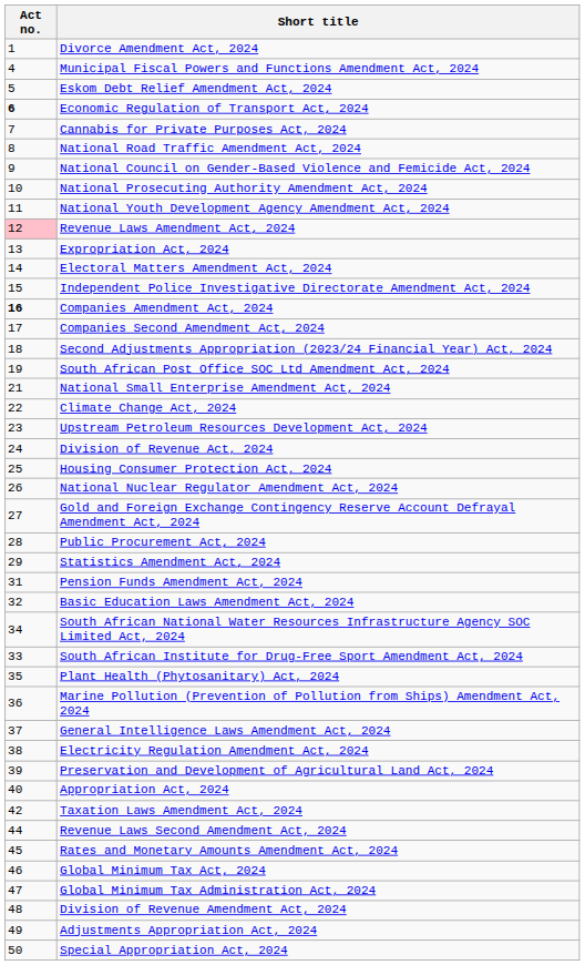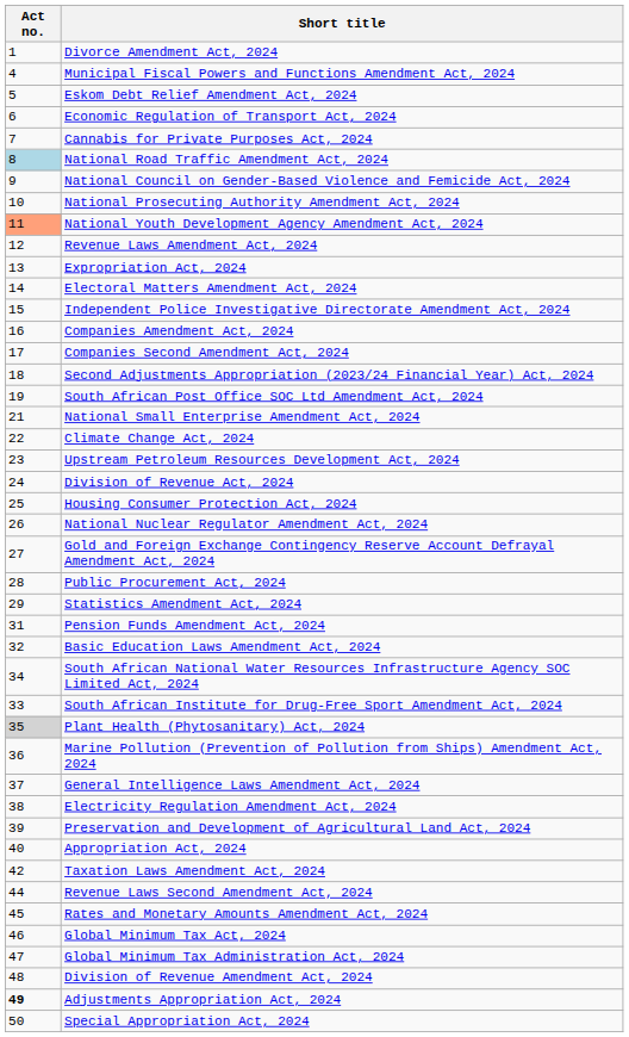 <table class="wikitable sortable">
 <tr>
 <th>Act no.</th>
 <th>Short title</th>
 </tr>
 <tr>
 <td>1</td>
 <td><a href='#'>Divorce Amendment Act, 2024</a></td>
 </tr>
 <tr>
 <td>4</td>
 <td><a href='#'>Municipal Fiscal Powers and Functions Amendment Act, 2024</a></td>
 </tr>
 <tr>
 <td>5</td>
 <td><a href='#'>Eskom Debt Relief Amendment Act, 2024</a></td>
 </tr>
 <tr>
-<td><strong>6</strong></td>
+<td>6</td>
 <td><a href='#'>Economic Regulation of Transport Act, 2024</a></td>
 </tr>
 <tr>
 <td>7</td>
 <td><a href='#'>Cannabis for Private Purposes Act, 2024</a></td>
 </tr>
 <tr>
-<td>8</td>
+<td style="background: lightblue;">8</td>
 <td><a href='#'>National Road Traffic Amendment Act, 2024</a></td>
 </tr>
 <tr>
 <td>9</td>
 <td><a href='#'>National Council on Gender-Based Violence and Femicide Act, 2024</a></td>
 </tr>
 <tr>
 <td>10</td>
 <td><a href='#'>National Prosecuting Authority Amendment Act, 2024</a></td>
 </tr>
 <tr>
-<td>11</td>
+<td style="background: lightsalmon;">11</td>
 <td><a href='#'>National Youth Development Agency Amendment Act, 2024</a></td>
 </tr>
 <tr>
-<td style="background: pink;">12</td>
+<td>12</td>
 <td><a href='#'>Revenue Laws Amendment Act, 2024</a></td>
 </tr>
 <tr>
 <td>13</td>
 <td><a href='#'>Expropriation Act, 2024</a></td>
 </tr>
 <tr>
 <td>14</td>
 <td><a href='#'>Electoral Matters Amendment Act, 2024</a></td>
 </tr>
 <tr>
 <td>15</td>
 <td><a href='#'>Independent Police Investigative Directorate Amendment Act, 2024</a></td>
 </tr>
 <tr>
-<td><strong>16</strong></td>
+<td>16</td>
 <td><a href='#'>Companies Amendment Act, 2024</a></td>
 </tr>
 <tr>
 <td>17</td>
 <td><a href='#'>Companies Second Amendment Act, 2024</a></td>
 </tr>
 <tr>
 <td>18</td>
 <td><a href='#'>Second Adjustments Appropriation (2023/24 Financial Year) Act, 2024</a></td>
 </tr>
 <tr>
 <td>19</td>
 <td><a href='#'>South African Post Office SOC Ltd Amendment Act, 2024</a></td>
 </tr>
 <tr>
 <td>21</td>
 <td><a href='#'>National Small Enterprise Amendment Act, 2024</a></td>
 </tr>
 <tr>
 <td>22</td>
 <td><a href='#'>Climate Change Act, 2024</a></td>
 </tr>
 <tr>
 <td>23</td>
 <td><a href='#'>Upstream Petroleum Resources Development Act, 2024</a></td>
 </tr>
 <tr>
 <td>24</td>
 <td><a href='#'>Division of Revenue Act, 2024</a></td>
 </tr>
 <tr>
 <td>25</td>
 <td><a href='#'>Housing Consumer Protection Act, 2024</a></td>
 </tr>
 <tr>
 <td>26</td>
 <td><a href='#'>National Nuclear Regulator Amendment Act, 2024</a></td>
 </tr>
 <tr>
 <td>27</td>
 <td><a href='#'>Gold and Foreign Exchange Contingency Reserve Account Defrayal Amendment Act, 2024</a></td>
 </tr>
 <tr>
 <td>28</td>
 <td><a href='#'>Public Procurement Act, 2024</a></td>
 </tr>
 <tr>
 <td>29</td>
 <td><a href='#'>Statistics Amendment Act, 2024</a></td>
 </tr>
 <tr>
 <td>31</td>
 <td><a href='#'>Pension Funds Amendment Act, 2024</a></td>
 </tr>
 <tr>
 <td>32</td>
 <td><a href='#'>Basic Education Laws Amendment Act, 2024</a></td>
 </tr>
 <tr>
 <td>34</td>
 <td><a href='#'>South African National Water Resources Infrastructure Agency SOC Limited Act, 2024</a></td>
 </tr>
 <tr>
 <td>33</td>
 <td><a href='#'>South African Institute for Drug-Free Sport Amendment Act, 2024</a></td>
 </tr>
 <tr>
-<td>35</td>
+<td style="background: lightgrey;">35</td>
 <td><a href='#'>Plant Health (Phytosanitary) Act, 2024</a></td>
 </tr>
 <tr>
 <td>36</td>
 <td><a href='#'>Marine Pollution (Prevention of Pollution from Ships) Amendment Act, 2024</a></td>
 </tr>
 <tr>
 <td>37</td>
 <td><a href='#'>General Intelligence Laws Amendment Act, 2024</a></td>
 </tr>
 <tr>
 <td>38</td>
 <td><a href='#'>Electricity Regulation Amendment Act, 2024</a></td>
 </tr>
 <tr>
 <td>39</td>
 <td><a href='#'>Preservation and Development of Agricultural Land Act, 2024</a></td>
 </tr>
 <tr>
 <td>40</td>
 <td><a href='#'>Appropriation Act, 2024</a></td>
 </tr>
 <tr>
 <td>42</td>
 <td><a href='#'>Taxation Laws Amendment Act, 2024</a></td>
 </tr>
 <tr>
 <td>44</td>
 <td><a href='#'>Revenue Laws Second Amendment Act, 2024</a></td>
 </tr>
 <tr>
 <td>45</td>
 <td><a href='#'>Rates and Monetary Amounts Amendment Act, 2024</a></td>
 </tr>
 <tr>
 <td>46</td>
 <td><a href='#'>Global Minimum Tax Act, 2024</a></td>
 </tr>
 <tr>
 <td>47</td>
 <td><a href='#'>Global Minimum Tax Administration Act, 2024</a></td>
 </tr>
 <tr>
 <td>48</td>
 <td><a href='#'>Division of Revenue Amendment Act, 2024</a></td>
 </tr>
 <tr>
-<td>49</td>
+<td><strong>49</strong></td>
 <td><a href='#'>Adjustments Appropriation Act, 2024</a></td>
 </tr>
 <tr>
 <td>50</td>
 <td><a href='#'>Special Appropriation Act, 2024</a></td>
 </tr>
 </table>
